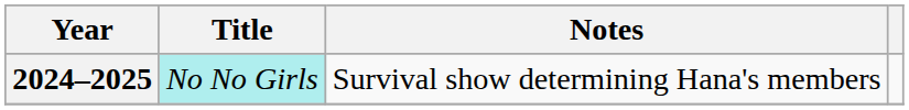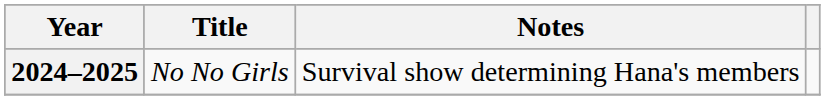 <table class="wikitable plainrowheaders">
 <tr>
 <th scope="col">Year</th>
 <th scope="col">Title</th>
 <th scope="col">Notes</th>
 <th scope="col" class="unsortable"></th>
 </tr>
 <tr>
 <th scope="row">2024–2025</th>
-<td style="background: paleturquoise;"><em>No No Girls</em></td>
+<td><em>No No Girls</em></td>
 <td>Survival show determining Hana's members</td>
 <td style="text-align:center"></td>
 </tr>
 <tr>
 </tr>
 </table>
